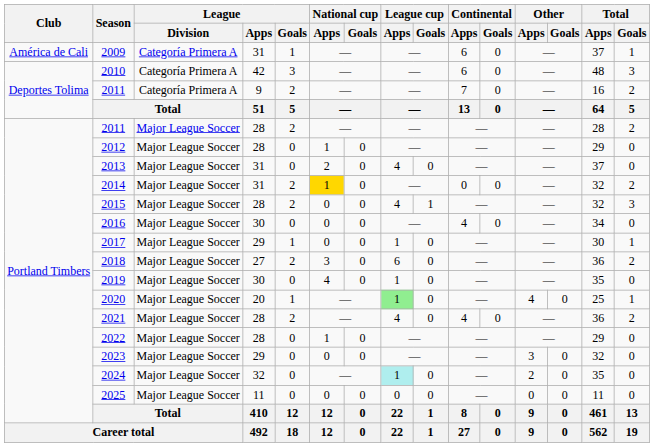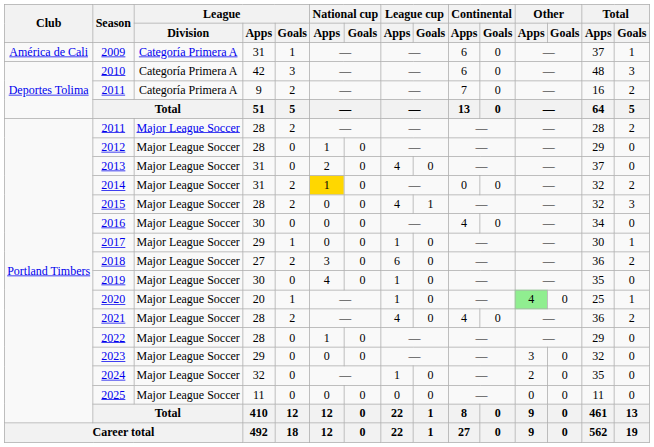 <table class="wikitable" style="text-align:center">
 <tr>
 <th rowspan="2">Club</th>
 <th rowspan="2">Season</th>
 <th colspan="3">League</th>
 <th colspan="2">National cup</th>
 <th colspan="2">League cup</th>
 <th colspan="2">Continental</th>
 <th colspan="2">Other</th>
 <th colspan="2">Total</th>
 </tr>
 <tr>
 <th>Division</th>
 <th>Apps</th>
 <th>Goals</th>
 <th>Apps</th>
 <th>Goals</th>
 <th>Apps</th>
 <th>Goals</th>
 <th>Apps</th>
 <th>Goals</th>
 <th>Apps</th>
 <th>Goals</th>
 <th>Apps</th>
 <th>Goals</th>
 </tr>
 <tr>
 <td><a href='#'>América de Cali</a></td>
 <td><a href='#'>2009</a></td>
 <td><a href='#'>Categoría Primera A</a></td>
 <td>31</td>
 <td>1</td>
 <td colspan="2">—</td>
 <td colspan="2">—</td>
 <td>6</td>
 <td>0</td>
 <td colspan="2">—</td>
 <td>37</td>
 <td>1</td>
 </tr>
 <tr>
 <td rowspan="3"><a href='#'>Deportes Tolima</a></td>
 <td><a href='#'>2010</a></td>
 <td>Categoría Primera A</td>
 <td>42</td>
 <td>3</td>
 <td colspan="2">—</td>
 <td colspan="2">—</td>
 <td>6</td>
 <td>0</td>
 <td colspan="2">—</td>
 <td>48</td>
 <td>3</td>
 </tr>
 <tr>
 <td><a href='#'>2011</a></td>
 <td>Categoría Primera A</td>
 <td>9</td>
 <td>2</td>
 <td colspan="2">—</td>
 <td colspan="2">—</td>
 <td>7</td>
 <td>0</td>
 <td colspan="2">—</td>
 <td>16</td>
 <td>2</td>
 </tr>
 <tr>
 <th colspan="2">Total</th>
 <th>51</th>
 <th>5</th>
 <th colspan="2">—</th>
 <th colspan="2">—</th>
 <th>13</th>
 <th>0</th>
 <th colspan="2">—</th>
 <th>64</th>
 <th>5</th>
 </tr>
 <tr>
 <td rowspan="16"><a href='#'>Portland Timbers</a></td>
 <td><a href='#'>2011</a></td>
 <td><a href='#'>Major League Soccer</a></td>
 <td>28</td>
 <td>2</td>
 <td colspan="2">—</td>
 <td colspan="2">—</td>
 <td colspan="2">—</td>
 <td colspan="2">—</td>
 <td>28</td>
 <td>2</td>
 </tr>
 <tr>
 <td><a href='#'>2012</a></td>
 <td>Major League Soccer</td>
 <td>28</td>
 <td>0</td>
 <td>1</td>
 <td>0</td>
 <td colspan="2">—</td>
 <td colspan="2">—</td>
 <td colspan="2">—</td>
 <td>29</td>
 <td>0</td>
 </tr>
 <tr>
 <td><a href='#'>2013</a></td>
 <td>Major League Soccer</td>
 <td>31</td>
 <td>0</td>
 <td>2</td>
 <td>0</td>
 <td>4</td>
 <td>0</td>
 <td colspan="2">—</td>
 <td colspan="2">—</td>
 <td>37</td>
 <td>0</td>
 </tr>
 <tr>
 <td><a href='#'>2014</a></td>
 <td>Major League Soccer</td>
 <td>31</td>
 <td>2</td>
 <td style="background: gold;">1</td>
 <td>0</td>
 <td colspan="2">—</td>
 <td>0</td>
 <td>0</td>
 <td colspan="2">—</td>
 <td>32</td>
 <td>2</td>
 </tr>
 <tr>
 <td><a href='#'>2015</a></td>
 <td>Major League Soccer</td>
 <td>28</td>
 <td>2</td>
 <td>0</td>
 <td>0</td>
 <td>4</td>
 <td>1</td>
 <td colspan="2">—</td>
 <td colspan="2">—</td>
 <td>32</td>
 <td>3</td>
 </tr>
 <tr>
 <td><a href='#'>2016</a></td>
 <td>Major League Soccer</td>
 <td>30</td>
 <td>0</td>
 <td>0</td>
 <td>0</td>
 <td colspan="2">—</td>
 <td>4</td>
 <td>0</td>
 <td colspan="2">—</td>
 <td>34</td>
 <td>0</td>
 </tr>
 <tr>
 <td><a href='#'>2017</a></td>
 <td>Major League Soccer</td>
 <td>29</td>
 <td>1</td>
 <td>0</td>
 <td>0</td>
 <td>1</td>
 <td>0</td>
 <td colspan="2">—</td>
 <td colspan="2">—</td>
 <td>30</td>
 <td>1</td>
 </tr>
 <tr>
 <td><a href='#'>2018</a></td>
 <td>Major League Soccer</td>
 <td>27</td>
 <td>2</td>
 <td>3</td>
 <td>0</td>
 <td>6</td>
 <td>0</td>
 <td colspan="2">—</td>
 <td colspan="2">—</td>
 <td>36</td>
 <td>2</td>
 </tr>
 <tr>
 <td><a href='#'>2019</a></td>
 <td>Major League Soccer</td>
 <td>30</td>
 <td>0</td>
 <td>4</td>
 <td>0</td>
 <td>1</td>
 <td>0</td>
 <td colspan="2">—</td>
 <td colspan="2">—</td>
 <td>35</td>
 <td>0</td>
 </tr>
 <tr>
 <td><a href='#'>2020</a></td>
 <td>Major League Soccer</td>
 <td>20</td>
 <td>1</td>
 <td colspan="2">—</td>
-<td style="background: lightgreen;">1</td>
+<td>1</td>
 <td>0</td>
 <td colspan="2">—</td>
-<td>4</td>
+<td style="background: lightgreen;">4</td>
 <td>0</td>
 <td>25</td>
 <td>1</td>
 </tr>
 <tr>
 <td><a href='#'>2021</a></td>
 <td>Major League Soccer</td>
 <td>28</td>
 <td>2</td>
 <td colspan="2">—</td>
 <td>4</td>
 <td>0</td>
 <td>4</td>
 <td>0</td>
 <td colspan="2">—</td>
 <td>36</td>
 <td>2</td>
 </tr>
 <tr>
 <td><a href='#'>2022</a></td>
 <td>Major League Soccer</td>
 <td>28</td>
 <td>0</td>
 <td>1</td>
 <td>0</td>
 <td colspan="2">—</td>
 <td colspan="2">—</td>
 <td colspan="2">—</td>
 <td>29</td>
 <td>0</td>
 </tr>
 <tr>
 <td><a href='#'>2023</a></td>
 <td>Major League Soccer</td>
 <td>29</td>
 <td>0</td>
 <td>0</td>
 <td>0</td>
 <td colspan="2">—</td>
 <td colspan="2">—</td>
 <td>3</td>
 <td>0</td>
 <td>32</td>
 <td>0</td>
 </tr>
 <tr>
 <td><a href='#'>2024</a></td>
 <td>Major League Soccer</td>
 <td>32</td>
 <td>0</td>
 <td colspan="2">—</td>
-<td style="background: paleturquoise;">1</td>
+<td>1</td>
 <td>0</td>
 <td colspan="2">—</td>
 <td>2</td>
 <td>0</td>
 <td>35</td>
 <td>0</td>
 </tr>
 <tr>
 <td><a href='#'>2025</a></td>
 <td>Major League Soccer</td>
 <td>11</td>
 <td>0</td>
 <td>0</td>
 <td>0</td>
 <td>0</td>
 <td>0</td>
 <td colspan="2">—</td>
 <td>0</td>
 <td>0</td>
 <td>11</td>
 <td>0</td>
 </tr>
 <tr>
 <th colspan="2">Total</th>
 <th>410</th>
 <th>12</th>
 <th>12</th>
 <th>0</th>
 <th>22</th>
 <th>1</th>
 <th>8</th>
 <th>0</th>
 <th>9</th>
 <th>0</th>
 <th>461</th>
 <th>13</th>
 </tr>
 <tr>
 <th colspan="3">Career total</th>
 <th>492</th>
 <th>18</th>
 <th>12</th>
 <th>0</th>
 <th>22</th>
 <th>1</th>
 <th>27</th>
 <th>0</th>
 <th>9</th>
 <th>0</th>
 <th>562</th>
 <th>19</th>
 </tr>
 </table>
